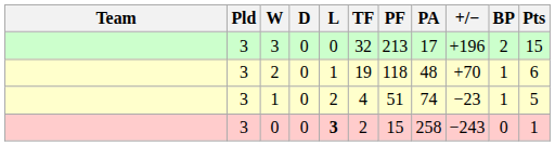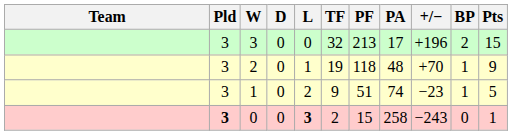 <table class="wikitable" style="text-align:center">
 <tr>
 <th width="200">Team</th>
 <th width="20">Pld</th>
 <th width="20">W</th>
 <th width="20">D</th>
 <th width="20">L</th>
 <th width="20">TF</th>
 <th width="20">PF</th>
 <th width="20">PA</th>
 <th width="25">+/−</th>
 <th width="20">BP</th>
 <th width="20">Pts</th>
 </tr>
 <tr style="background:#cfc;">
 <td align=left></td>
 <td>3</td>
 <td>3</td>
 <td>0</td>
 <td>0</td>
 <td>32</td>
 <td>213</td>
 <td>17</td>
 <td>+196</td>
 <td>2</td>
 <td>15</td>
 </tr>
 <tr style="background:#ffc;">
 <td align=left></td>
 <td>3</td>
 <td>2</td>
 <td>0</td>
 <td>1</td>
 <td>19</td>
 <td>118</td>
 <td>48</td>
 <td>+70</td>
 <td>1</td>
-<td>6</td>
+<td>9</td>
 </tr>
 <tr style="background:#ffc;">
 <td align=left></td>
 <td>3</td>
 <td>1</td>
 <td>0</td>
 <td>2</td>
-<td>4</td>
+<td>9</td>
 <td>51</td>
 <td>74</td>
 <td>−23</td>
 <td>1</td>
 <td>5</td>
 </tr>
 <tr style="background:#fcc;">
 <td align=left></td>
-<td>3</td>
+<td><strong>3</strong></td>
 <td>0</td>
 <td>0</td>
 <td><strong>3</strong></td>
 <td>2</td>
 <td>15</td>
 <td>258</td>
 <td>−243</td>
 <td>0</td>
 <td>1</td>
 </tr>
 </table>
